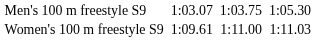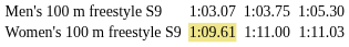 <table>
 <tr valign=top>
 <td>Men's 100 m freestyle S9</td>
 <td></td>
 <td align=right>1:03.07</td>
 <td></td>
 <td align=right>1:03.75</td>
 <td></td>
 <td align=right>1:05.30</td>
 </tr>
 <tr valign=top>
 <td>Women's 100 m freestyle S9</td>
 <td></td>
-<td align=right>1:09.61</td>
+<td align=right style="background: khaki;">1:09.61</td>
 <td></td>
 <td align=right>1:11.00</td>
 <td></td>
 <td align=right>1:11.03</td>
 </tr>
 </table>
